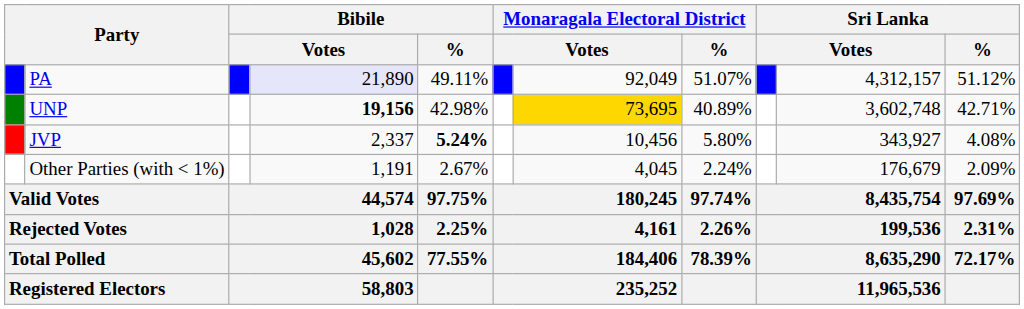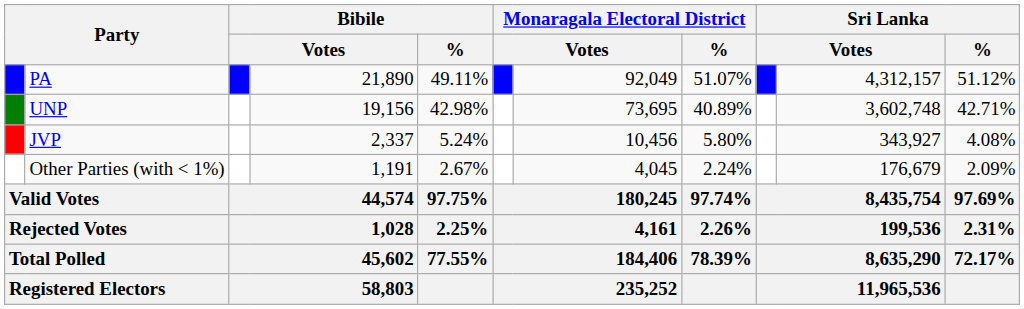 <table class="wikitable">
 <tr>
 <th colspan="2" width="144px"rowspan="2">Party</th>
 <th colspan="3" width="216px">Bibile</th>
 <th colspan="3" width="216px"><a href='#'>Monaragala Electoral District</a></th>
 <th colspan="3" width="216px">Sri Lanka</th>
 </tr>
 <tr>
 <th colspan="2" width="144px">Votes</th>
 <th>%</th>
 <th colspan="2" width="144px">Votes</th>
 <th>%</th>
 <th colspan="2" width="144px">Votes</th>
 <th>%</th>
 </tr>
 <tr>
 <td style="background-color:blue;" width="10px"></td>
 <td style="text-align:left;"><a href='#'>PA</a></td>
 <td style="background-color:blue;" width="10px"></td>
-<td style="background: lavender; text-align:right;">21,890</td>
+<td style="text-align:right;">21,890</td>
 <td style="text-align:right;">49.11%</td>
 <td style="background-color:blue;" width="10px"></td>
 <td style="text-align:right;">92,049</td>
 <td style="text-align:right;">51.07%</td>
 <td style="background-color:blue;" width="10px"></td>
 <td style="text-align:right;">4,312,157</td>
 <td style="text-align:right;">51.12%</td>
 </tr>
 <tr>
 <td style="background-color:green;" width="10px"></td>
 <td style="text-align:left;"><a href='#'>UNP</a></td>
 <td style="background-color:white;" width="10px"></td>
-<td style="text-align:right;"><strong>19,156</strong></td>
+<td style="text-align:right;">19,156</td>
 <td style="text-align:right;">42.98%</td>
 <td style="background-color:white;" width="10px"></td>
-<td style="background: gold; text-align:right;">73,695</td>
+<td style="text-align:right;">73,695</td>
 <td style="text-align:right;">40.89%</td>
 <td style="background-color:white;" width="10px"></td>
 <td style="text-align:right;">3,602,748</td>
 <td style="text-align:right;">42.71%</td>
 </tr>
 <tr>
 <td style="background-color:red;" width="10px"></td>
 <td style="text-align:left;"><a href='#'>JVP</a></td>
 <td style="background-color:white;" width="10px"></td>
 <td style="text-align:right;">2,337</td>
-<td style="text-align:right;"><strong>5.24%</strong></td>
+<td style="text-align:right;">5.24%</td>
 <td style="background-color:white;" width="10px"></td>
 <td style="text-align:right;">10,456</td>
 <td style="text-align:right;">5.80%</td>
 <td style="background-color:white;" width="10px"></td>
 <td style="text-align:right;">343,927</td>
 <td style="text-align:right;">4.08%</td>
 </tr>
 <tr>
 <td style="background-color:white;" width="10px"></td>
 <td style="text-align:left;">Other Parties (with < 1%)</td>
 <td style="background-color:white;" width="10px"></td>
 <td style="text-align:right;">1,191</td>
 <td style="text-align:right;">2.67%</td>
 <td style="background-color:white;" width="10px"></td>
 <td style="text-align:right;">4,045</td>
 <td style="text-align:right;">2.24%</td>
 <td style="background-color:white;" width="10px"></td>
 <td style="text-align:right;">176,679</td>
 <td style="text-align:right;">2.09%</td>
 </tr>
 <tr>
 <th colspan="2" width="144px"style="text-align:left;">Valid Votes</th>
 <th style="text-align:right;"colspan="2" width="144px">44,574</th>
 <th style="text-align:right;">97.75%</th>
 <th style="text-align:right;"colspan="2" width="144px">180,245</th>
 <th style="text-align:right;">97.74%</th>
 <th style="text-align:right;"colspan="2" width="144px">8,435,754</th>
 <th style="text-align:right;">97.69%</th>
 </tr>
 <tr>
 <th colspan="2" width="144px"style="text-align:left;">Rejected Votes</th>
 <th style="text-align:right;"colspan="2" width="144px">1,028</th>
 <th style="text-align:right;">2.25%</th>
 <th style="text-align:right;"colspan="2" width="144px">4,161</th>
 <th style="text-align:right;">2.26%</th>
 <th style="text-align:right;"colspan="2" width="144px">199,536</th>
 <th style="text-align:right;">2.31%</th>
 </tr>
 <tr>
 <th colspan="2" width="144px"style="text-align:left;">Total Polled</th>
 <th style="text-align:right;"colspan="2" width="144px">45,602</th>
 <th style="text-align:right;">77.55%</th>
 <th style="text-align:right;"colspan="2" width="144px">184,406</th>
 <th style="text-align:right;">78.39%</th>
 <th style="text-align:right;"colspan="2" width="144px">8,635,290</th>
 <th style="text-align:right;">72.17%</th>
 </tr>
 <tr>
 <th colspan="2" width="144px"style="text-align:left;">Registered Electors</th>
 <th style="text-align:right;"colspan="2" width="144px">58,803</th>
 <th></th>
 <th style="text-align:right;"colspan="2" width="144px">235,252</th>
 <th></th>
 <th style="text-align:right;"colspan="2" width="144px">11,965,536</th>
 <th></th>
 </tr>
 </table>
